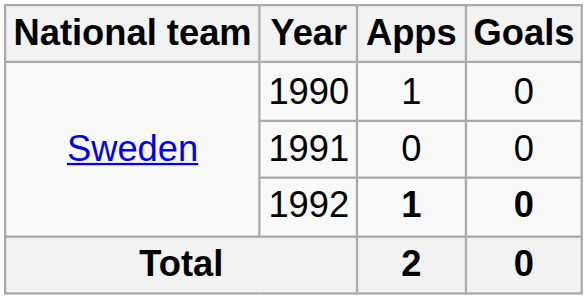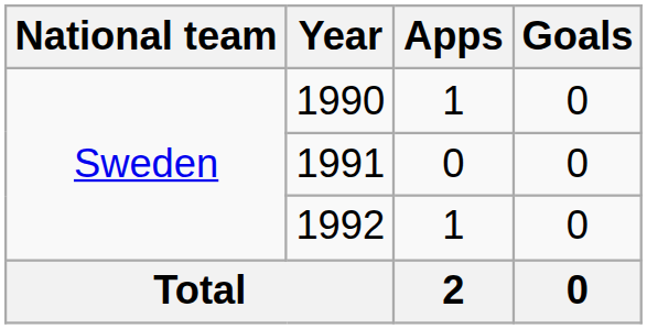 <table class="wikitable" style="text-align:center">
 <tr>
 <th>National team</th>
 <th>Year</th>
 <th>Apps</th>
 <th>Goals</th>
 </tr>
 <tr>
 <td rowspan="3"><a href='#'>Sweden</a></td>
 <td>1990</td>
 <td>1</td>
 <td>0</td>
 </tr>
 <tr>
 <td>1991</td>
 <td>0</td>
 <td>0</td>
 </tr>
 <tr>
 <td>1992</td>
-<td><strong>1</strong></td>
-<td><strong>0</strong></td>
+<td>1</td>
+<td>0</td>
 </tr>
 <tr>
 <th colspan="2">Total</th>
 <th>2</th>
 <th>0</th>
 </tr>
 </table>
